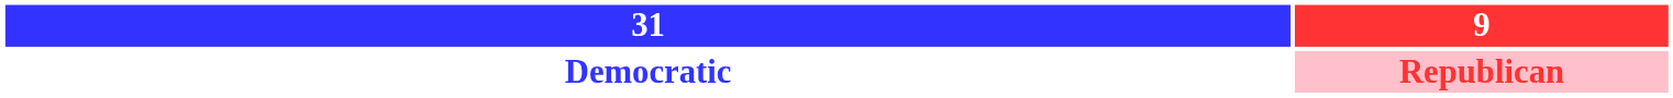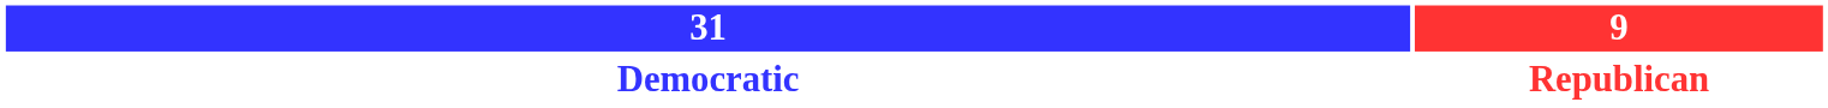 <table style="width:50%">
 <tr>
 <td colspan="3" scope="row" style="text-align:center"></td>
 </tr>
 <tr>
 <td scope="row" style="background:#33F; width:77.5%; text-align:center; color:white"><strong>31</strong></td>
 <td style="background:#F33; width:22.5%; text-align:center; color:white"><strong>9</strong></td>
 </tr>
 <tr>
 <td scope="row" style="text-align:center; color:#33F"><strong>Democratic</strong></td>
-<td style="background: pink; text-align:center; color:#F33"><strong>Republican</strong></td>
+<td style="text-align:center; color:#F33"><strong>Republican</strong></td>
 </tr>
 </table>
